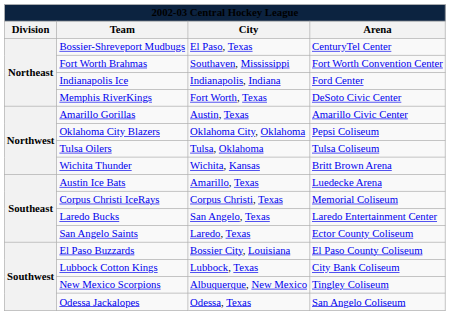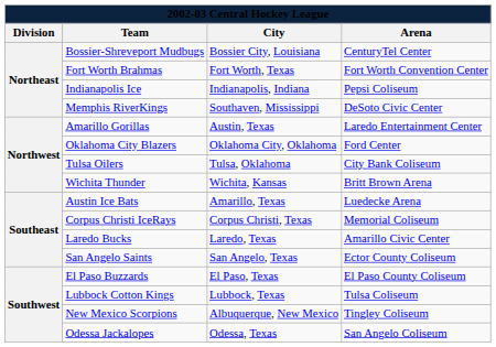 <table class="wikitable" style="width:auto">
 <tr>
 <td bgcolor="#0C2340" align="center" colspan="5"><strong><span>2002-03 Central Hockey League</span></strong></td>
 </tr>
 <tr>
 <th>Division</th>
 <th>Team</th>
 <th>City</th>
 <th>Arena</th>
 </tr>
 <tr>
 <th rowspan="4">Northeast</th>
 <td><a href='#'>Bossier-Shreveport Mudbugs</a></td>
-<td><a href='#'>El Paso</a>, <a href='#'>Texas</a></td>
+<td><a href='#'>Bossier City</a>, <a href='#'>Louisiana</a></td>
 <td><a href='#'>CenturyTel Center</a></td>
 </tr>
 <tr>
 <td><a href='#'>Fort Worth Brahmas</a></td>
-<td><a href='#'>Southaven</a>, <a href='#'>Mississippi</a></td>
+<td><a href='#'>Fort Worth</a>, <a href='#'>Texas</a></td>
 <td><a href='#'>Fort Worth Convention Center</a></td>
 </tr>
 <tr>
 <td><a href='#'>Indianapolis Ice</a></td>
 <td><a href='#'>Indianapolis</a>, <a href='#'>Indiana</a></td>
-<td><a href='#'>Ford Center</a></td>
+<td><a href='#'>Pepsi Coliseum</a></td>
 </tr>
 <tr>
 <td><a href='#'>Memphis RiverKings</a></td>
-<td><a href='#'>Fort Worth</a>, <a href='#'>Texas</a></td>
+<td><a href='#'>Southaven</a>, <a href='#'>Mississippi</a></td>
 <td><a href='#'>DeSoto Civic Center</a></td>
 </tr>
 <tr>
 <th rowspan="4">Northwest</th>
 <td><a href='#'>Amarillo Gorillas</a></td>
 <td><a href='#'>Austin</a>, <a href='#'>Texas</a></td>
-<td><a href='#'>Amarillo Civic Center</a></td>
+<td><a href='#'>Laredo Entertainment Center</a></td>
 </tr>
 <tr>
 <td><a href='#'>Oklahoma City Blazers</a></td>
 <td><a href='#'>Oklahoma City</a>, <a href='#'>Oklahoma</a></td>
-<td><a href='#'>Pepsi Coliseum</a></td>
+<td><a href='#'>Ford Center</a></td>
 </tr>
 <tr>
 <td><a href='#'>Tulsa Oilers</a></td>
 <td><a href='#'>Tulsa</a>, <a href='#'>Oklahoma</a></td>
-<td><a href='#'>Tulsa Coliseum</a></td>
+<td><a href='#'>City Bank Coliseum</a></td>
 </tr>
 <tr>
 <td><a href='#'>Wichita Thunder</a></td>
 <td><a href='#'>Wichita</a>, <a href='#'>Kansas</a></td>
 <td><a href='#'>Britt Brown Arena</a></td>
 </tr>
 <tr>
 <th rowspan="4">Southeast</th>
 <td><a href='#'>Austin Ice Bats</a></td>
 <td><a href='#'>Amarillo</a>, <a href='#'>Texas</a></td>
 <td><a href='#'>Luedecke Arena</a></td>
 </tr>
 <tr>
 <td><a href='#'>Corpus Christi IceRays</a></td>
 <td><a href='#'>Corpus Christi</a>, <a href='#'>Texas</a></td>
 <td><a href='#'>Memorial Coliseum</a></td>
 </tr>
 <tr>
 <td><a href='#'>Laredo Bucks</a></td>
-<td><a href='#'>San Angelo</a>, <a href='#'>Texas</a></td>
-<td><a href='#'>Laredo Entertainment Center</a></td>
+<td><a href='#'>Laredo</a>, <a href='#'>Texas</a></td>
+<td><a href='#'>Amarillo Civic Center</a></td>
 </tr>
 <tr>
 <td><a href='#'>San Angelo Saints</a></td>
-<td><a href='#'>Laredo</a>, <a href='#'>Texas</a></td>
+<td><a href='#'>San Angelo</a>, <a href='#'>Texas</a></td>
 <td><a href='#'>Ector County Coliseum</a></td>
 </tr>
 <tr>
 <th rowspan="4">Southwest</th>
 <td><a href='#'>El Paso Buzzards</a></td>
-<td><a href='#'>Bossier City</a>, <a href='#'>Louisiana</a></td>
+<td><a href='#'>El Paso</a>, <a href='#'>Texas</a></td>
 <td><a href='#'>El Paso County Coliseum</a></td>
 </tr>
 <tr>
 <td><a href='#'>Lubbock Cotton Kings</a></td>
 <td><a href='#'>Lubbock</a>, <a href='#'>Texas</a></td>
-<td><a href='#'>City Bank Coliseum</a></td>
+<td><a href='#'>Tulsa Coliseum</a></td>
 </tr>
 <tr>
 <td><a href='#'>New Mexico Scorpions</a></td>
 <td><a href='#'>Albuquerque</a>, <a href='#'>New Mexico</a></td>
 <td><a href='#'>Tingley Coliseum</a></td>
 </tr>
 <tr>
 <td><a href='#'>Odessa Jackalopes</a></td>
 <td><a href='#'>Odessa</a>, <a href='#'>Texas</a></td>
 <td><a href='#'>San Angelo Coliseum</a></td>
 </tr>
 </table>
